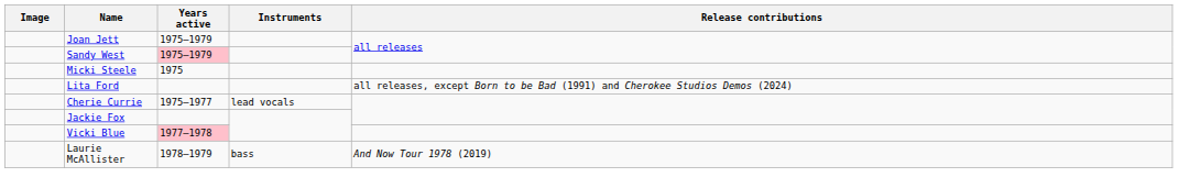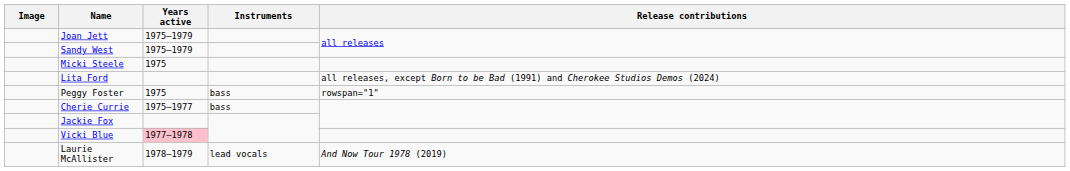 <table class="wikitable" width="100%" border="1">
 <tr>
 <th width="75">Image</th>
 <th width="120">Name</th>
 <th width="90">Years active</th>
 <th width="160">Instruments</th>
 <th>Release contributions</th>
 </tr>
 <tr>
 <td></td>
 <td><a href='#'>Joan Jett</a></td>
 <td>1975–1979</td>
 <td></td>
 <td rowspan="2"><a href='#'>all releases</a></td>
 </tr>
 <tr>
 <td></td>
 <td><a href='#'>Sandy West</a></td>
-<td style="background: pink;">1975–1979 </td>
+<td>1975–1979 </td>
 <td></td>
 </tr>
 <tr>
 <td></td>
 <td><a href='#'>Micki Steele</a></td>
 <td>1975</td>
 <td></td>
 <td></td>
 </tr>
 <tr>
 <td></td>
 <td><a href='#'>Lita Ford</a></td>
 <td></td>
 <td></td>
 <td>all releases, except <em>Born to be Bad</em> (1991) and <em>Cherokee Studios Demos</em> (2024)</td>
 </tr>
 <tr>
 <td></td>
+<td>Peggy Foster</td>
+<td>1975</td>
+<td>bass</td>
+<td>rowspan="1" </td>
+</tr>
+<tr>
+<td></td>
 <td><a href='#'>Cherie Currie</a></td>
 <td>1975–1977</td>
-<td>lead vocals</td>
+<td>bass</td>
 <td rowspan="2"></td>
 </tr>
 <tr>
 <td></td>
 <td><a href='#'>Jackie Fox</a></td>
 <td></td>
 <td rowspan="2"></td>
 </tr>
 <tr>
 <td></td>
 <td><a href='#'>Vicki Blue</a></td>
 <td style="background: pink;">1977–1978</td>
 <td></td>
 </tr>
 <tr>
 <td></td>
 <td>Laurie McAllister</td>
 <td>1978–1979 </td>
-<td>bass</td>
+<td>lead vocals</td>
 <td><em>And Now Tour 1978</em> (2019)</td>
 </tr>
 </table>
